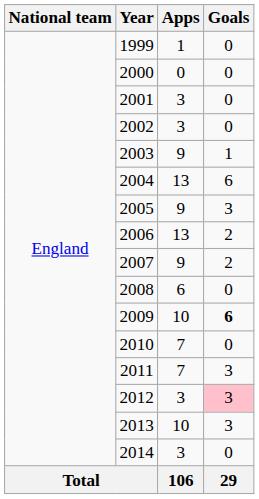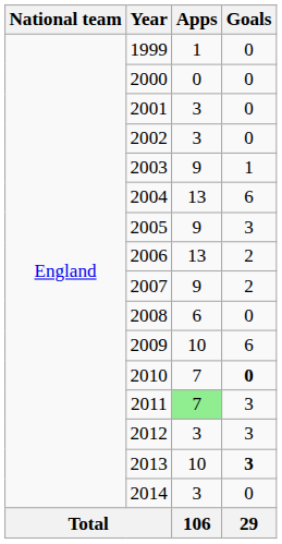 <table class=wikitable style="text-align: center;">
 <tr>
 <th>National team</th>
 <th>Year</th>
 <th>Apps</th>
 <th>Goals</th>
 </tr>
 <tr>
 <td rowspan="16"><a href='#'>England</a></td>
 <td>1999</td>
 <td>1</td>
 <td>0</td>
 </tr>
 <tr>
 <td>2000</td>
 <td>0</td>
 <td>0</td>
 </tr>
 <tr>
 <td>2001</td>
 <td>3</td>
 <td>0</td>
 </tr>
 <tr>
 <td>2002</td>
 <td>3</td>
 <td>0</td>
 </tr>
 <tr>
 <td>2003</td>
 <td>9</td>
 <td>1</td>
 </tr>
 <tr>
 <td>2004</td>
 <td>13</td>
 <td>6</td>
 </tr>
 <tr>
 <td>2005</td>
 <td>9</td>
 <td>3</td>
 </tr>
 <tr>
 <td>2006</td>
 <td>13</td>
 <td>2</td>
 </tr>
 <tr>
 <td>2007</td>
 <td>9</td>
 <td>2</td>
 </tr>
 <tr>
 <td>2008</td>
 <td>6</td>
 <td>0</td>
 </tr>
 <tr>
 <td>2009</td>
 <td>10</td>
-<td><strong>6</strong></td>
+<td>6</td>
 </tr>
 <tr>
 <td>2010</td>
 <td>7</td>
-<td>0</td>
+<td><strong>0</strong></td>
 </tr>
 <tr>
 <td>2011</td>
-<td>7</td>
+<td style="background: lightgreen;">7</td>
 <td>3</td>
 </tr>
 <tr>
 <td>2012</td>
 <td>3</td>
-<td style="background: pink;">3</td>
+<td>3</td>
 </tr>
 <tr>
 <td>2013</td>
 <td>10</td>
-<td>3</td>
+<td><strong>3</strong></td>
 </tr>
 <tr>
 <td>2014</td>
 <td>3</td>
 <td>0</td>
 </tr>
 <tr>
 <th colspan="2">Total</th>
 <th>106</th>
 <th>29</th>
 </tr>
 </table>
